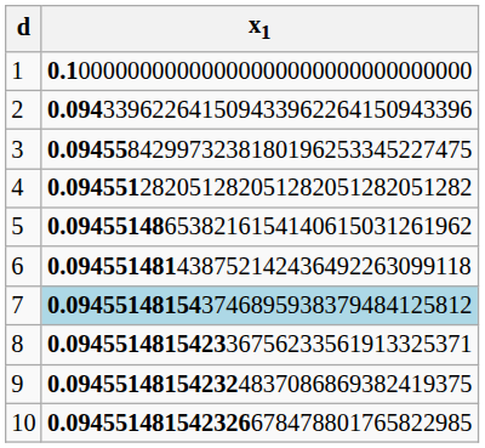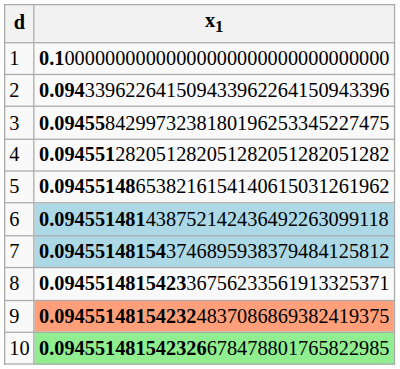 <table class="wikitable">
 <tr>
 <th>d</th>
 <th>x<sub>1</sub></th>
 </tr>
 <tr>
 <td>1</td>
 <td><strong>0.1</strong>00000000000000000000000000000000</td>
 </tr>
 <tr>
 <td>2</td>
 <td><strong>0.094</strong>339622641509433962264150943396</td>
 </tr>
 <tr>
 <td>3</td>
 <td><strong>0.09455</strong>8429973238180196253345227475</td>
 </tr>
 <tr>
 <td>4</td>
 <td><strong>0.094551</strong>282051282051282051282051282</td>
 </tr>
 <tr>
 <td>5</td>
 <td><strong>0.09455148</strong>6538216154140615031261962</td>
 </tr>
 <tr>
 <td>6</td>
-<td><strong>0.094551481</strong>438752142436492263099118</td>
+<td style="background: lightblue;"><strong>0.094551481</strong>438752142436492263099118</td>
 </tr>
 <tr>
 <td>7</td>
 <td style="background: lightblue;"><strong>0.09455148154</strong>3746895938379484125812</td>
 </tr>
 <tr>
 <td>8</td>
 <td><strong>0.0945514815423</strong>36756233561913325371</td>
 </tr>
 <tr>
 <td>9</td>
-<td><strong>0.09455148154232</strong>4837086869382419375</td>
+<td style="background: lightsalmon;"><strong>0.09455148154232</strong>4837086869382419375</td>
 </tr>
 <tr>
 <td>10</td>
-<td><strong>0.094551481542326</strong>678478801765822985</td>
+<td style="background: lightgreen;"><strong>0.094551481542326</strong>678478801765822985</td>
 </tr>
 </table>
